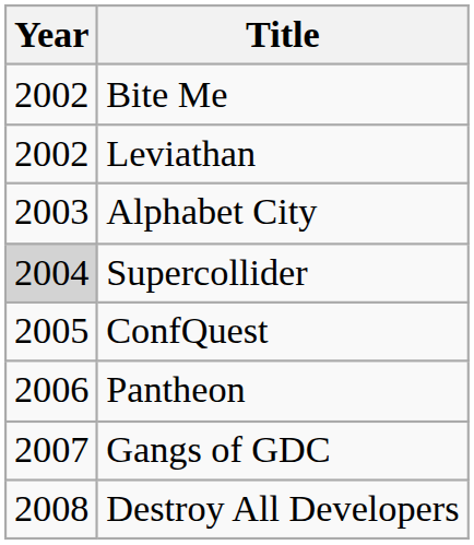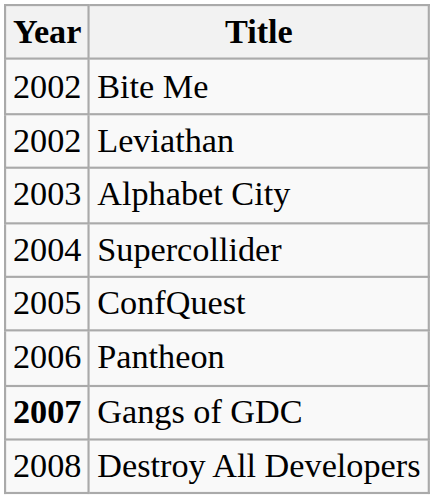 <table class="wikitable">
 <tr>
 <th>Year</th>
 <th>Title</th>
 </tr>
 <tr>
 <td>2002</td>
 <td>Bite Me</td>
 </tr>
 <tr>
 <td>2002</td>
 <td>Leviathan</td>
 </tr>
 <tr>
 <td>2003</td>
 <td>Alphabet City</td>
 </tr>
 <tr>
-<td style="background: lightgrey;">2004</td>
+<td>2004</td>
 <td>Supercollider</td>
 </tr>
 <tr>
 <td>2005</td>
 <td>ConfQuest</td>
 </tr>
 <tr>
 <td>2006</td>
 <td>Pantheon</td>
 </tr>
 <tr>
-<td>2007</td>
+<td><strong>2007</strong></td>
 <td>Gangs of GDC</td>
 </tr>
 <tr>
 <td>2008</td>
 <td>Destroy All Developers</td>
 </tr>
 </table>
